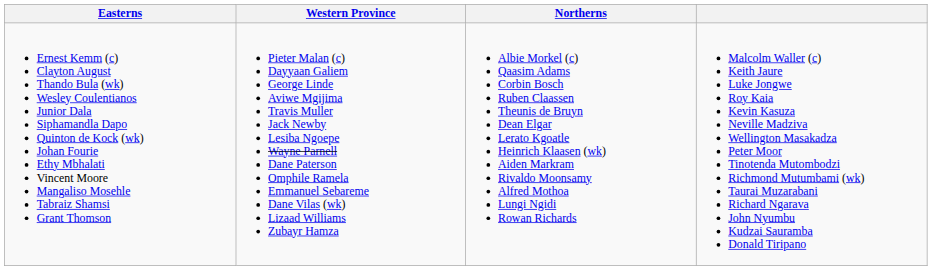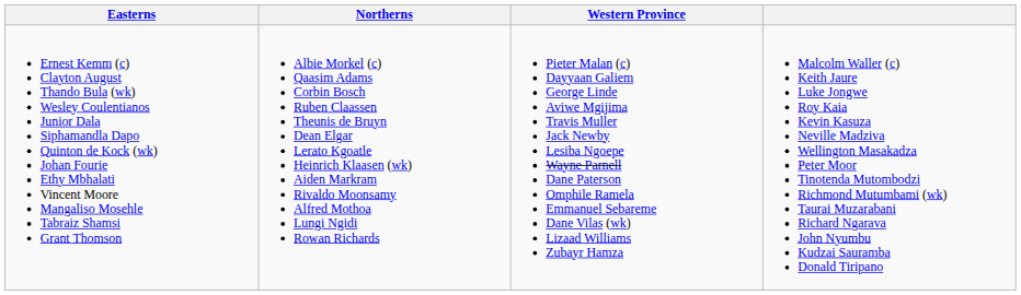 <table class="wikitable">
 <tr>
 <th width=330> <a href='#'>Easterns</a><br><small></small></th>
+<th width=330> <a href='#'>Northerns</a><br><small></small></th>
 <th width=330> <a href='#'>Western Province</a><br><small></small></th>
-<th width=330> <a href='#'>Northerns</a><br><small></small></th>
 <th width=330><br><small></small></th>
 </tr>
 <tr>
 <td valign=top><br><ul><li><a href='#'>Ernest Kemm</a> (<a href='#'>c</a>)</li><li><a href='#'>Clayton August</a></li><li><a href='#'>Thando Bula</a> (<a href='#'>wk</a>)</li><li><a href='#'>Wesley Coulentianos</a></li><li><a href='#'>Junior Dala</a></li><li><a href='#'>Siphamandla Dapo</a></li><li><a href='#'>Quinton de Kock</a> (<a href='#'>wk</a>)</li><li><a href='#'>Johan Fourie</a></li><li><a href='#'>Ethy Mbhalati</a></li><li>Vincent Moore</li><li><a href='#'>Mangaliso Mosehle</a></li><li><a href='#'>Tabraiz Shamsi</a></li><li><a href='#'>Grant Thomson</a></li></ul></td>
+<td valign=top><br><ul><li><a href='#'>Albie Morkel</a> (<a href='#'>c</a>)</li><li><a href='#'>Qaasim Adams</a></li><li><a href='#'>Corbin Bosch</a></li><li><a href='#'>Ruben Claassen</a></li><li><a href='#'>Theunis de Bruyn</a></li><li><a href='#'>Dean Elgar</a></li><li><a href='#'>Lerato Kgoatle</a></li><li><a href='#'>Heinrich Klaasen</a> (<a href='#'>wk</a>)</li><li><a href='#'>Aiden Markram</a></li><li><a href='#'>Rivaldo Moonsamy</a></li><li><a href='#'>Alfred Mothoa</a></li><li><a href='#'>Lungi Ngidi</a></li><li><a href='#'>Rowan Richards</a></li></ul></td>
 <td valign=top><br><ul><li><a href='#'>Pieter Malan</a> (<a href='#'>c</a>)</li><li><a href='#'>Dayyaan Galiem</a></li><li><a href='#'>George Linde</a></li><li><a href='#'>Aviwe Mgijima</a></li><li><a href='#'>Travis Muller</a></li><li><a href='#'>Jack Newby</a></li><li><a href='#'>Lesiba Ngoepe</a></li><li><s><a href='#'>Wayne Parnell</a></s></li><li><a href='#'>Dane Paterson</a></li><li><a href='#'>Omphile Ramela</a></li><li><a href='#'>Emmanuel Sebareme</a></li><li><a href='#'>Dane Vilas</a> (<a href='#'>wk</a>)</li><li><a href='#'>Lizaad Williams</a></li><li><a href='#'>Zubayr Hamza</a></li></ul></td>
-<td valign=top><br><ul><li><a href='#'>Albie Morkel</a> (<a href='#'>c</a>)</li><li><a href='#'>Qaasim Adams</a></li><li><a href='#'>Corbin Bosch</a></li><li><a href='#'>Ruben Claassen</a></li><li><a href='#'>Theunis de Bruyn</a></li><li><a href='#'>Dean Elgar</a></li><li><a href='#'>Lerato Kgoatle</a></li><li><a href='#'>Heinrich Klaasen</a> (<a href='#'>wk</a>)</li><li><a href='#'>Aiden Markram</a></li><li><a href='#'>Rivaldo Moonsamy</a></li><li><a href='#'>Alfred Mothoa</a></li><li><a href='#'>Lungi Ngidi</a></li><li><a href='#'>Rowan Richards</a></li></ul></td>
 <td valign=top><br><ul><li><a href='#'>Malcolm Waller</a> (<a href='#'>c</a>)</li><li><a href='#'>Keith Jaure</a></li><li><a href='#'>Luke Jongwe</a></li><li><a href='#'>Roy Kaia</a></li><li><a href='#'>Kevin Kasuza</a></li><li><a href='#'>Neville Madziva</a></li><li><a href='#'>Wellington Masakadza</a></li><li><a href='#'>Peter Moor</a></li><li><a href='#'>Tinotenda Mutombodzi</a></li><li><a href='#'>Richmond Mutumbami</a> (<a href='#'>wk</a>)</li><li><a href='#'>Taurai Muzarabani</a></li><li><a href='#'>Richard Ngarava</a></li><li><a href='#'>John Nyumbu</a></li><li><a href='#'>Kudzai Sauramba</a></li><li><a href='#'>Donald Tiripano</a></li></ul></td>
 </tr>
 </table>
